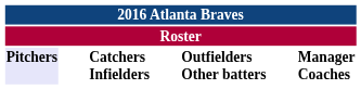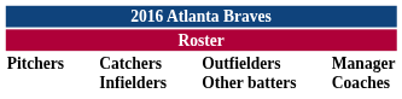 <table class="toccolours" style="font-size: 95%;">
 <tr>
 <th colspan="10" style="background:#0f437c; color:#fff; text-align:center;">2016 Atlanta Braves</th>
 </tr>
 <tr>
 <td colspan="10" style="background:#af0039; color:white; text-align:center;"><strong>Roster</strong></td>
 </tr>
 <tr>
-<td valign="top" style="background: lavender;"><strong>Pitchers</strong><br>                                  </td>
+<td valign="top"><strong>Pitchers</strong><br>                                  </td>
 <td style="width:25px;"></td>
 <td valign="top"><strong>Catchers</strong><br>   <strong>Infielders</strong>             </td>
 <td style="width:25px;"></td>
 <td valign="top"><strong>Outfielders</strong><br>        <strong>Other batters</strong> </td>
 <td style="width:25px;"></td>
 <td valign="top"><strong>Manager</strong><br>  <strong>Coaches</strong>                          </td>
 </tr>
 </table>
